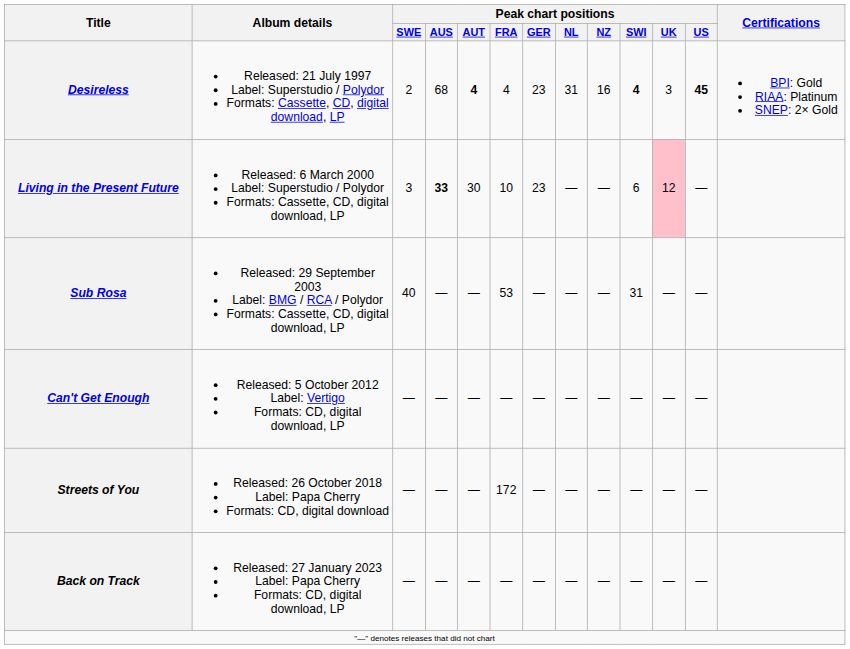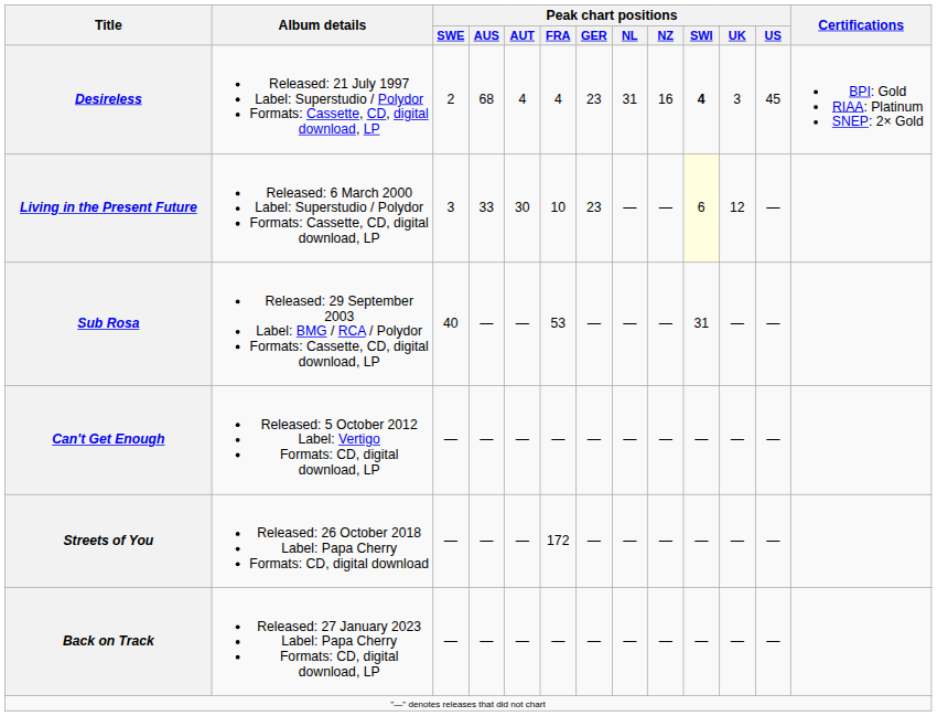 <table class="wikitable plainrowheaders" style="text-align:center;">
 <tr>
 <th scope="col" rowspan="2" style="width: 15em;">Title</th>
 <th scope="col" rowspan="2" style="width: 16em;">Album details</th>
 <th scope="col" colspan="10">Peak chart positions</th>
 <th scope="col" rowspan="2" style="width: 10em;"><a href='#'>Certifications</a></th>
 </tr>
 <tr>
 <th scope="col" style="width:2.5em; font-size:90%;"><a href='#'>SWE</a><br></th>
 <th scope="col" style="width:2.5em; font-size:90%;"><a href='#'>AUS</a><br></th>
 <th scope="col" style="width:2.5em; font-size:90%;"><a href='#'>AUT</a><br></th>
 <th scope="col" style="width:2.5em; font-size:90%;"><a href='#'>FRA</a><br></th>
 <th scope="col" style="width:2.5em; font-size:90%;"><a href='#'>GER</a><br></th>
 <th scope="col" style="width:2.5em; font-size:90%;"><a href='#'>NL</a><br></th>
 <th scope="col" style="width:2.5em; font-size:90%;"><a href='#'>NZ</a><br></th>
 <th scope="col" style="width:2.5em; font-size:90%;"><a href='#'>SWI</a><br></th>
 <th scope="col" style="width:2.5em; font-size:90%;"><a href='#'>UK</a><br></th>
 <th scope="col" style="width:2.5em; font-size:90%;"><a href='#'>US</a><br></th>
 </tr>
 <tr>
 <th scope="row"><em><a href='#'>Desireless</a></em></th>
 <td><br><ul><li>Released: 21 July 1997</li><li>Label: Superstudio / <a href='#'>Polydor</a></li><li>Formats: <a href='#'>Cassette</a>, <a href='#'>CD</a>, <a href='#'>digital download</a>, <a href='#'>LP</a></li></ul></td>
 <td>2</td>
 <td>68</td>
-<td><strong>4</strong></td>
+<td>4</td>
 <td>4</td>
 <td>23</td>
 <td>31</td>
 <td>16</td>
 <td><strong>4</strong></td>
 <td>3</td>
-<td><strong>45</strong></td>
+<td>45</td>
 <td><br><ul><li><a href='#'>BPI</a>: Gold</li><li><a href='#'>RIAA</a>: Platinum</li><li><a href='#'>SNEP</a>: 2× Gold</li></ul></td>
 </tr>
 <tr>
 <th scope="row"><em><a href='#'>Living in the Present Future</a></em></th>
 <td><br><ul><li>Released: 6 March 2000</li><li>Label: Superstudio / Polydor</li><li>Formats: Cassette, CD, digital download, LP</li></ul></td>
 <td>3</td>
-<td><strong>33</strong></td>
+<td>33</td>
 <td>30</td>
 <td>10</td>
 <td>23</td>
 <td>—</td>
 <td>—</td>
-<td>6</td>
-<td style="background: pink;">12</td>
+<td style="background: lightyellow;">6</td>
+<td>12</td>
 <td>—</td>
 <td></td>
 </tr>
 <tr>
 <th scope="row"><em><a href='#'>Sub Rosa</a></em></th>
 <td><br><ul><li>Released: 29 September 2003</li><li>Label: <a href='#'>BMG</a> / <a href='#'>RCA</a> / Polydor</li><li>Formats: Cassette, CD, digital download, LP</li></ul></td>
 <td>40</td>
 <td>—</td>
 <td>—</td>
 <td>53</td>
 <td>—</td>
 <td>—</td>
 <td>—</td>
 <td>31</td>
 <td>—</td>
 <td>—</td>
 <td></td>
 </tr>
 <tr>
 <th scope="row"><em><a href='#'>Can't Get Enough</a></em></th>
 <td><br><ul><li>Released: 5 October 2012</li><li>Label: <a href='#'>Vertigo</a></li><li>Formats: CD, digital download, LP</li></ul></td>
 <td>—</td>
 <td>—</td>
 <td>—</td>
 <td>—</td>
 <td>—</td>
 <td>—</td>
 <td>—</td>
 <td>—</td>
 <td>—</td>
 <td>—</td>
 <td></td>
 </tr>
 <tr>
 <th scope="row"><em>Streets of You</em></th>
 <td><br><ul><li>Released: 26 October 2018</li><li>Label: Papa Cherry</li><li>Formats: CD, digital download</li></ul></td>
 <td>—</td>
 <td>—</td>
 <td>—</td>
 <td>172</td>
 <td>—</td>
 <td>—</td>
 <td>—</td>
 <td>—</td>
 <td>—</td>
 <td>—</td>
 <td></td>
 </tr>
 <tr>
 <th scope="row"><em>Back on Track</em></th>
 <td><br><ul><li>Released: 27 January 2023</li><li>Label: Papa Cherry</li><li>Formats: CD, digital download, LP</li></ul></td>
 <td>—</td>
 <td>—</td>
 <td>—</td>
 <td>—</td>
 <td>—</td>
 <td>—</td>
 <td>—</td>
 <td>—</td>
 <td>—</td>
 <td>—</td>
 <td></td>
 </tr>
 <tr>
 <td colspan="18" style="text-align:center; font-size:8pt;">"—" denotes releases that did not chart</td>
 </tr>
 </table>
